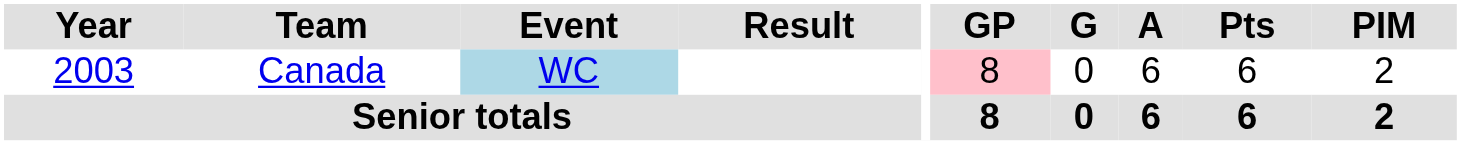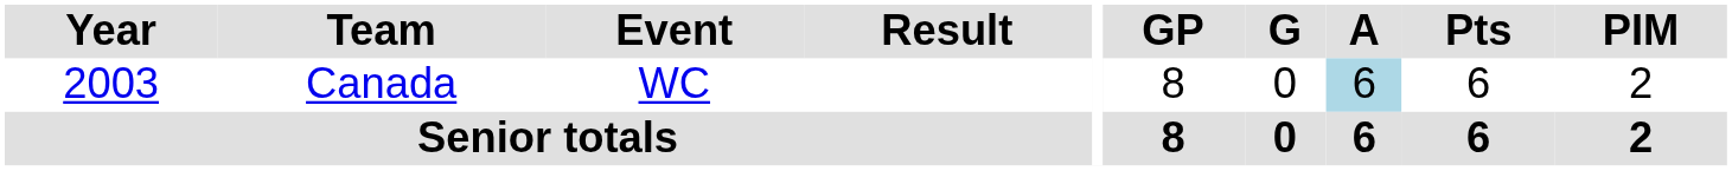 <table border="0" cellpadding="1" cellspacing="0" ID="Table3" style="text-align:center; width:40em">
 <tr ALIGN="center" bgcolor="#e0e0e0">
 <th>Year</th>
 <th>Team</th>
 <th>Event</th>
 <th>Result</th>
 <th rowspan="99" bgcolor="#ffffff"></th>
 <th>GP</th>
 <th>G</th>
 <th>A</th>
 <th>Pts</th>
 <th>PIM</th>
 </tr>
 <tr>
 <td><a href='#'>2003</a></td>
 <td><a href='#'>Canada</a></td>
-<td style="background: lightblue;"><a href='#'>WC</a></td>
+<td><a href='#'>WC</a></td>
 <td></td>
-<td style="background: pink;">8</td>
+<td>8</td>
 <td>0</td>
-<td>6</td>
+<td style="background: lightblue;">6</td>
 <td>6</td>
 <td>2</td>
 </tr>
 <tr bgcolor="#e0e0e0">
 <th colspan="4">Senior totals</th>
 <th>8</th>
 <th>0</th>
 <th>6</th>
 <th>6</th>
 <th>2</th>
 </tr>
 </table>
